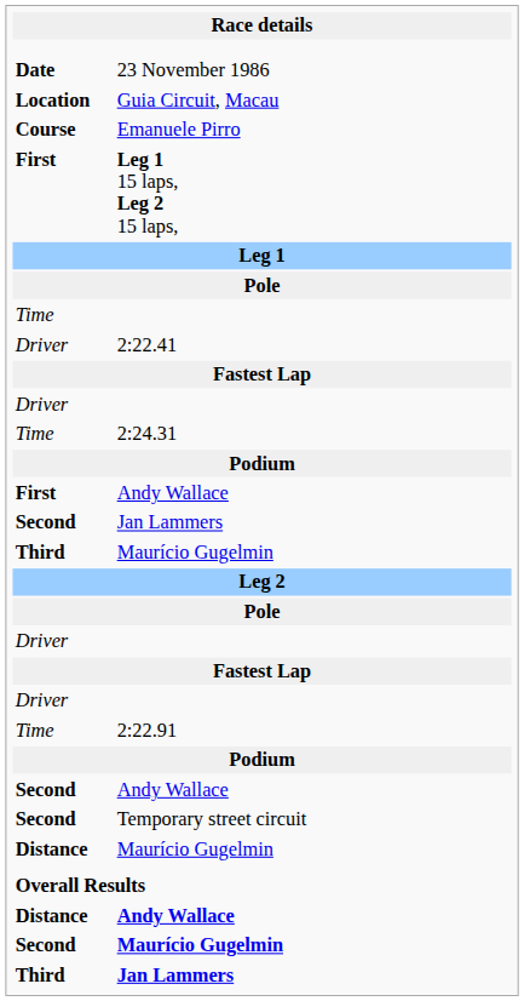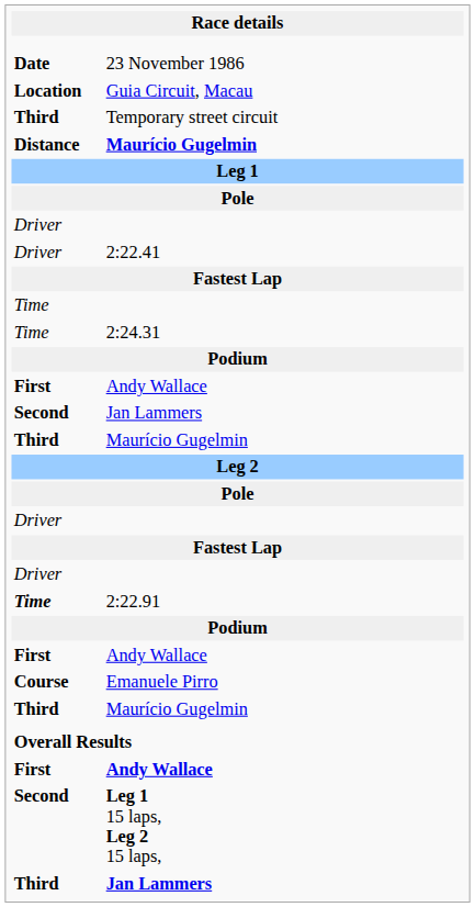 <table class="infobox" align="right" cellpadding="2" style="float:right; width: 26em; ">
 <tr>
 <th colspan="2" bgcolor="#efefef">Race details</th>
 </tr>
 <tr>
 <td colspan="2" style="text-align:center;"></td>
 </tr>
 <tr>
 <td colspan="2" style="text-align:center;"></td>
 </tr>
 <tr>
 <td style="width: 20%;"><strong>Date</strong></td>
 <td>23 November 1986</td>
 </tr>
 <tr>
 <td><strong>Location</strong></td>
 <td><a href='#'>Guia Circuit</a>, <a href='#'>Macau</a></td>
 </tr>
 <tr>
-<td><strong>Course</strong></td>
-<td> <a href='#'>Emanuele Pirro</a></td>
+<td><strong>Third</strong></td>
+<td>Temporary street circuit<br></td>
 </tr>
 <tr>
-<td><strong>First</strong></td>
-<td><strong>Leg 1</strong><br>15 laps, <br><strong>Leg 2</strong><br>15 laps, </td>
+<td><strong>Distance</strong></td>
+<td><strong> <a href='#'>Maurício Gugelmin</a></strong></td>
 </tr>
 <tr>
 <td colspan="2" style="text-align:center; background-color:#99ccff"><strong>Leg 1</strong></td>
 </tr>
 <tr>
 <th colspan="2" bgcolor="#efefef">Pole</th>
 </tr>
 <tr>
-<td><em>Time</em></td>
+<td><em>Driver</em></td>
 <td></td>
 </tr>
 <tr>
 <td><em>Driver</em></td>
 <td>2:22.41</td>
 </tr>
 <tr>
 <th colspan="2" bgcolor="#efefef">Fastest Lap</th>
 </tr>
 <tr>
-<td><em>Driver</em></td>
+<td><em>Time</em></td>
 <td></td>
 </tr>
 <tr>
 <td><em>Time</em></td>
 <td>2:24.31</td>
 </tr>
 <tr>
 <th colspan="2" bgcolor="#efefef">Podium</th>
 </tr>
 <tr>
 <td><strong>First</strong></td>
 <td> <a href='#'>Andy Wallace</a></td>
 </tr>
 <tr>
 <td><strong>Second</strong></td>
 <td> <a href='#'>Jan Lammers</a></td>
 </tr>
 <tr>
 <td><strong>Third</strong></td>
 <td> <a href='#'>Maurício Gugelmin</a></td>
 </tr>
 <tr>
 <td colspan="2" style="text-align:center; background-color:#99ccff"><strong>Leg 2</strong></td>
 </tr>
 <tr>
 <th colspan="2" bgcolor="#efefef">Pole</th>
 </tr>
 <tr>
 <td><em>Driver</em></td>
 <td></td>
 </tr>
 <tr>
 <th colspan="2" bgcolor="#efefef">Fastest Lap</th>
 </tr>
 <tr>
 <td><em>Driver</em></td>
 <td></td>
 </tr>
 <tr>
-<td><em>Time</em></td>
+<td><strong><em>Time</em></strong></td>
 <td>2:22.91</td>
 </tr>
 <tr>
 <th colspan="2" bgcolor="#efefef">Podium</th>
 </tr>
 <tr>
-<td><strong>Second</strong></td>
+<td><strong>First</strong></td>
 <td> <a href='#'>Andy Wallace</a></td>
 </tr>
 <tr>
-<td><strong>Second</strong></td>
-<td>Temporary street circuit<br></td>
+<td><strong>Course</strong></td>
+<td> <a href='#'>Emanuele Pirro</a></td>
 </tr>
 <tr>
-<td><strong>Distance</strong></td>
+<td><strong>Third</strong></td>
 <td> <a href='#'>Maurício Gugelmin</a></td>
 </tr>
 <tr>
 <td></td>
 <td></td>
 </tr>
 <tr>
 <td colspan="2"><strong>Overall Results</strong></td>
 </tr>
 <tr>
-<td><strong>Distance</strong></td>
+<td><strong>First</strong></td>
 <td><strong> <a href='#'>Andy Wallace</a></strong></td>
 </tr>
 <tr>
 <td><strong>Second</strong></td>
-<td><strong> <a href='#'>Maurício Gugelmin</a></strong></td>
+<td><strong>Leg 1</strong><br>15 laps, <br><strong>Leg 2</strong><br>15 laps, </td>
 </tr>
 <tr>
 <td><strong>Third</strong></td>
 <td><strong> <a href='#'>Jan Lammers</a></strong></td>
 </tr>
 </table>
